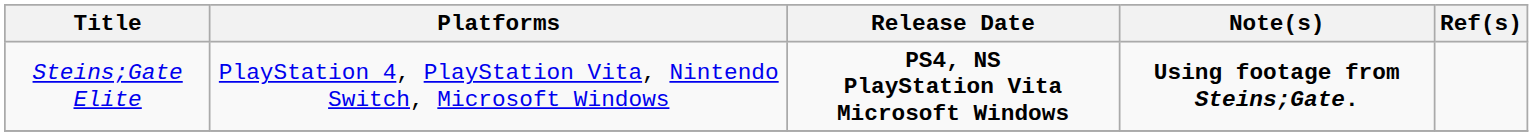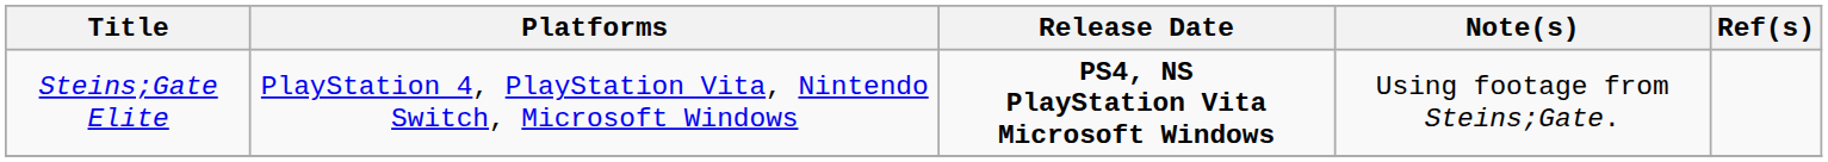 <table class="wikitable sortable" style="text-align:center; margin=auto; ">
 <tr>
 <th scope="col">Title</th>
 <th scope="col">Platforms</th>
 <th scope="col">Release Date</th>
 <th scope="col" class="unsortable">Note(s)</th>
 <th scope="col" class="unsortable">Ref(s)</th>
 </tr>
 <tr>
 <td><em><a href='#'>Steins;Gate Elite</a></em></td>
 <td><a href='#'>PlayStation 4</a>, <a href='#'>PlayStation Vita</a>, <a href='#'>Nintendo Switch</a>, <a href='#'>Microsoft Windows</a></td>
 <td><strong>PS4, NS</strong><br><strong>PlayStation Vita</strong> <strong>Microsoft Windows</strong></td>
-<td><strong>Using footage from <em>Steins;Gate</em>.</strong></td>
+<td>Using footage from <em>Steins;Gate</em>.</td>
 <td style="text-align:center;"></td>
 </tr>
 <tr>
 </tr>
 </table>
